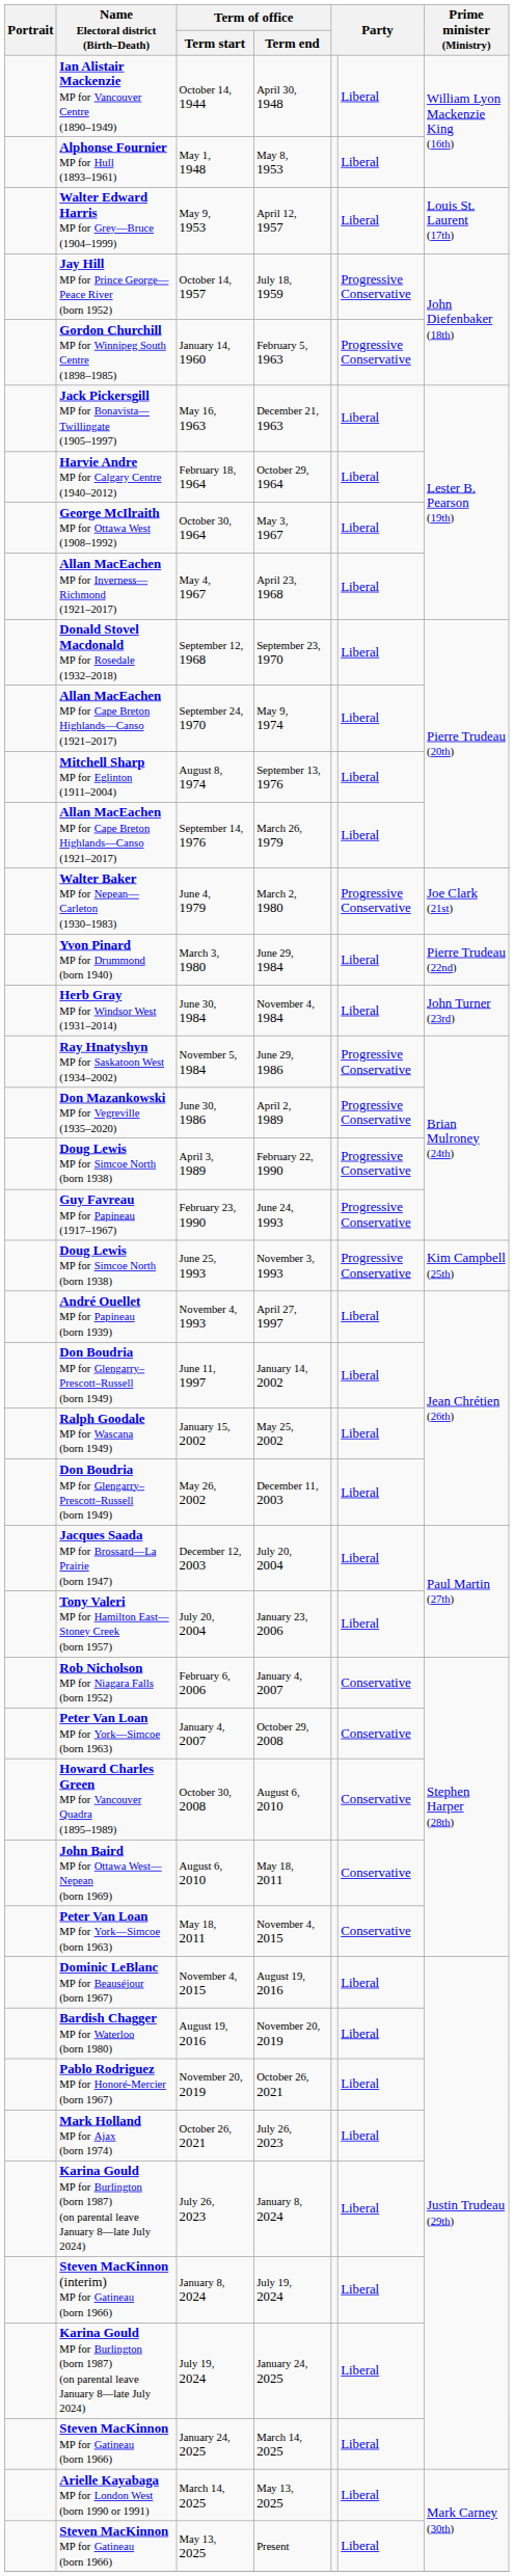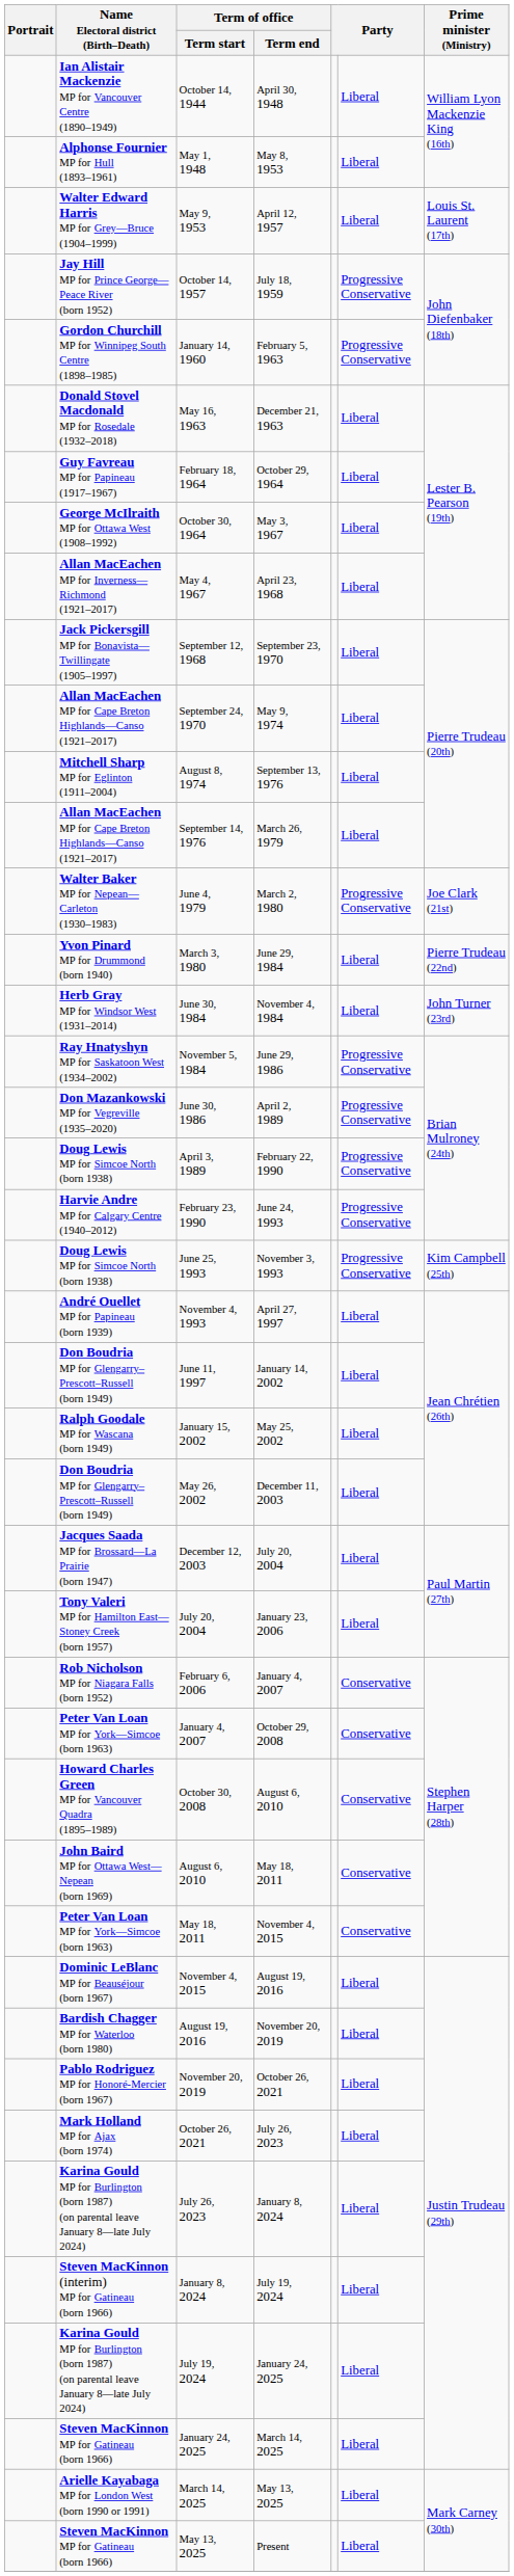 <table class="wikitable sortable sticky-header-multi" style=text-align:center" style="margin:1em auto;">
 <tr>
 <th rowspan="2" scope="col">Portrait</th>
 <th rowspan="2" scope="col" width="150px">Name<br><small>Electoral district<br>(Birth–Death)</small></th>
 <th colspan="2" scope="col">Term of office</th>
 <th colspan="2" rowspan="2">Party</th>
 <th rowspan="2" width="100px">Prime minister<small><br>(Ministry)</small></th>
 </tr>
 <tr>
 <th width="95px">Term start</th>
 <th width="95px">Term end</th>
 </tr>
 <tr>
 <td></td>
 <td><strong><a href='#'>Ian Alistair Mackenzie</a></strong><br><small>MP for</small> <small><a href='#'>Vancouver Centre</a></small><br><small>(1890–1949)</small></td>
 <td><small>October 14,</small><br>1944</td>
 <td><small>April 30,</small><br>1948</td>
 <td style="width:1px; background:"></td>
 <td style="width:100px; "><a href='#'>Liberal</a></td>
 <td rowspan="2"><a href='#'>William Lyon Mackenzie King</a><small><br>(<a href='#'>16th</a>)</small></td>
 </tr>
 <tr style="height:61px">
 <td rowspan="2"></td>
 <td rowspan="2"><strong><a href='#'>Alphonse Fournier</a></strong><br><small>MP for</small> <small><a href='#'>Hull</a></small><br><small>(1893–1961)</small></td>
 <td rowspan="2"><small>May 1,</small><br>1948</td>
 <td rowspan="2"><small>May 8,</small><br>1953</td>
 <td rowspan="2" style="width:1px; background:"></td>
 <td rowspan="2"><a href='#'>Liberal</a></td>
 </tr>
 <tr>
 <td rowspan="2"><a href='#'>Louis St. Laurent</a><small><br>(<a href='#'>17th</a>)</small></td>
 </tr>
 <tr>
 <td></td>
 <td><strong><a href='#'>Walter Edward Harris</a></strong><br><small>MP for</small> <small><a href='#'>Grey—Bruce</a></small><br><small>(1904–1999)</small></td>
 <td><small>May 9,</small><br>1953</td>
 <td><small>April 12,</small><br>1957</td>
 <td style="width:1px; background:"></td>
 <td><a href='#'>Liberal</a></td>
 </tr>
 <tr>
 <td></td>
 <td><a href='#'><strong>Jay Hill</strong></a><br><small>MP for</small> <small><a href='#'>Prince George—Peace River</a></small><br><small>(born 1952)</small></td>
 <td><small>October 14,</small><br>1957</td>
 <td><small>July 18,</small><br>1959</td>
 <td style="width:1px; background:"></td>
 <td><a href='#'>Progressive Conservative</a></td>
 <td rowspan="2"><a href='#'>John Diefenbaker</a><small><br>(<a href='#'>18th</a>)</small></td>
 </tr>
 <tr>
 <td></td>
 <td><strong><a href='#'>Gordon Churchill</a></strong><br><small>MP for</small> <small><a href='#'>Winnipeg South Centre</a></small><br><small>(1898–1985)</small></td>
 <td><small>January 14,</small><br>1960</td>
 <td><small>February 5,</small><br>1963</td>
 <td style="width:1px; background:"></td>
 <td><a href='#'>Progressive Conservative</a></td>
 </tr>
 <tr>
 <td></td>
-<td><strong><a href='#'>Jack Pickersgill</a></strong><br><small>MP for</small> <small><a href='#'>Bonavista—Twillingate</a></small><br><small>(1905–1997)</small></td>
+<td><strong><a href='#'>Donald Stovel Macdonald</a></strong><br><small>MP for</small> <small><a href='#'>Rosedale</a></small><br><small>(1932–2018)</small></td>
 <td><small>May 16,</small><br>1963</td>
 <td><small>December 21,</small><br>1963</td>
 <td style="width:1px; background:"></td>
 <td><a href='#'>Liberal</a></td>
 <td rowspan="4"><a href='#'>Lester B. Pearson</a><small><br>(<a href='#'>19th</a>)</small></td>
 </tr>
 <tr>
 <td></td>
-<td><strong><a href='#'>Harvie Andre</a></strong><br><small>MP for</small> <small><a href='#'>Calgary Centre</a></small><br><small>(1940–2012)</small></td>
+<td><strong><a href='#'>Guy Favreau</a></strong><br><small>MP for</small> <small><a href='#'>Papineau</a></small><br><small>(1917–1967)</small></td>
 <td><small>February 18,</small><br>1964</td>
 <td><small>October 29,</small><br>1964</td>
 <td style="width:1px; background:"></td>
 <td><a href='#'>Liberal</a></td>
 </tr>
 <tr>
 <td></td>
 <td><strong><a href='#'>George McIlraith</a></strong><br><small>MP for</small> <small><a href='#'>Ottawa West</a></small><br><small>(1908–1992)</small></td>
 <td><small>October 30,</small><br>1964</td>
 <td><small>May 3,</small><br>1967</td>
 <td style="width:1px; background:"></td>
 <td><a href='#'>Liberal</a></td>
 </tr>
 <tr>
 <td></td>
 <td><strong><a href='#'>Allan MacEachen</a></strong><br><small>MP for</small> <small><a href='#'>Inverness—Richmond</a></small><br><small>(1921–2017)</small></td>
 <td><small>May 4,</small><br>1967</td>
 <td><small>April 23,</small><br>1968</td>
 <td style="width:1px; background:"></td>
 <td><a href='#'>Liberal</a></td>
 </tr>
 <tr>
 <td></td>
-<td><strong><a href='#'>Donald Stovel Macdonald</a></strong><br><small>MP for</small> <small><a href='#'>Rosedale</a></small><br><small>(1932–2018)</small></td>
+<td><strong><a href='#'>Jack Pickersgill</a></strong><br><small>MP for</small> <small><a href='#'>Bonavista—Twillingate</a></small><br><small>(1905–1997)</small></td>
 <td><small>September 12,</small><br>1968</td>
 <td><small>September 23,</small><br>1970</td>
 <td style="width:1px; background:"></td>
 <td><a href='#'>Liberal</a></td>
 <td rowspan="4"><a href='#'>Pierre Trudeau</a><small><br>(<a href='#'>20th</a>)</small></td>
 </tr>
 <tr>
 <td></td>
 <td><strong><a href='#'>Allan MacEachen</a></strong><br><small>MP for</small> <small><a href='#'>Cape Breton Highlands—Canso</a></small><br><small>(1921–2017)</small></td>
 <td><small>September 24,</small><br>1970</td>
 <td><small>May 9,</small><br>1974</td>
 <td style="width:1px; background:"></td>
 <td><a href='#'>Liberal</a></td>
 </tr>
 <tr>
 <td></td>
 <td><strong><a href='#'>Mitchell Sharp</a></strong><br><small>MP for</small> <small><a href='#'>Eglinton</a></small><br><small>(1911–2004)</small></td>
 <td><small>August 8,</small><br>1974</td>
 <td><small>September 13,</small><br>1976</td>
 <td style="width:1px; background:"></td>
 <td><a href='#'>Liberal</a></td>
 </tr>
 <tr>
 <td></td>
 <td><strong><a href='#'>Allan MacEachen</a></strong><br><small>MP for</small> <small><a href='#'>Cape Breton Highlands—Canso</a></small><br><small>(1921–2017)</small></td>
 <td><small>September 14,</small><br>1976</td>
 <td><small>March 26,</small><br>1979</td>
 <td style="width:1px; background:"></td>
 <td><a href='#'>Liberal</a></td>
 </tr>
 <tr>
 <td></td>
 <td><a href='#'><strong>Walter Baker</strong></a><br><small>MP for</small> <small><a href='#'>Nepean—Carleton</a></small><br><small>(1930–1983)</small></td>
 <td><small>June 4,</small><br>1979</td>
 <td><small>March 2,</small><br>1980</td>
 <td style="width:1px; background:"></td>
 <td><a href='#'>Progressive Conservative</a></td>
 <td><a href='#'>Joe Clark</a><small><br>(<a href='#'>21st</a>)</small></td>
 </tr>
 <tr>
 <td></td>
 <td><strong><a href='#'>Yvon Pinard</a></strong><br><small>MP for</small> <small><a href='#'>Drummond</a></small><br><small>(born 1940)</small></td>
 <td><small>March 3,</small><br>1980</td>
 <td><small>June 29,</small><br>1984</td>
 <td style="width:1px; background:"></td>
 <td><a href='#'>Liberal</a></td>
 <td><a href='#'>Pierre Trudeau</a><small><br>(<a href='#'>22nd</a>)</small></td>
 </tr>
 <tr>
 <td></td>
 <td><strong><a href='#'>Herb Gray</a></strong><br><small>MP for</small> <small><a href='#'>Windsor West</a></small><br><small>(1931–2014)</small></td>
 <td><small>June 30,</small><br>1984</td>
 <td><small>November 4,</small><br>1984</td>
 <td style="width:1px; background:"></td>
 <td><a href='#'>Liberal</a></td>
 <td><a href='#'>John Turner</a><small><br>(<a href='#'>23rd</a>)</small></td>
 </tr>
 <tr>
 <td></td>
 <td><strong><a href='#'>Ray Hnatyshyn</a></strong><br><small>MP for</small> <small><a href='#'>Saskatoon West</a></small><br><small>(1934–2002)</small></td>
 <td><small>November 5,</small><br>1984</td>
 <td><small>June 29,</small><br>1986</td>
 <td style="width:1px; background:"></td>
 <td><a href='#'>Progressive Conservative</a></td>
 <td rowspan="4"><a href='#'>Brian Mulroney</a><small><br>(<a href='#'>24th</a>)</small></td>
 </tr>
 <tr>
 <td></td>
 <td><strong><a href='#'>Don Mazankowski</a></strong><br><small>MP for</small> <small><a href='#'>Vegreville</a></small><br><small>(1935–2020)</small></td>
 <td><small>June 30,</small><br>1986</td>
 <td><small>April 2,</small><br>1989</td>
 <td style="width:1px; background:"></td>
 <td><a href='#'>Progressive Conservative</a></td>
 </tr>
 <tr>
 <td></td>
 <td><a href='#'><strong>Doug Lewis</strong></a><br><small>MP for</small> <small><a href='#'>Simcoe North</a></small><br><small>(born 1938)</small></td>
 <td><small>April 3,</small><br>1989</td>
 <td><small>February 22,</small><br>1990</td>
 <td style="width:1px; background:"></td>
 <td><a href='#'>Progressive Conservative</a></td>
 </tr>
 <tr>
 <td></td>
-<td><strong><a href='#'>Guy Favreau</a></strong><br><small>MP for</small> <small><a href='#'>Papineau</a></small><br><small>(1917–1967)</small></td>
+<td><strong><a href='#'>Harvie Andre</a></strong><br><small>MP for</small> <small><a href='#'>Calgary Centre</a></small><br><small>(1940–2012)</small></td>
 <td><small>February 23,</small><br>1990</td>
 <td><small>June 24,</small><br>1993</td>
 <td style="width:1px; background:"></td>
 <td><a href='#'>Progressive Conservative</a></td>
 </tr>
 <tr>
 <td></td>
 <td><a href='#'><strong>Doug Lewis</strong></a><br><small>MP for</small> <small><a href='#'>Simcoe North</a></small><br><small>(born 1938)</small></td>
 <td><small>June 25,</small><br>1993</td>
 <td><small>November 3,</small><br>1993</td>
 <td style="width:1px; background:"></td>
 <td><a href='#'>Progressive Conservative</a></td>
 <td><a href='#'>Kim Campbell</a><small><br>(<a href='#'>25th</a>)</small></td>
 </tr>
 <tr>
 <td></td>
 <td><strong><a href='#'>André Ouellet</a></strong><br><small>MP for</small> <small><a href='#'>Papineau</a></small><br><small>(born 1939)</small></td>
 <td><small>November 4,</small><br>1993</td>
 <td><small>April 27,</small><br>1997</td>
 <td style="width:1px; background:"></td>
 <td><a href='#'>Liberal</a></td>
 <td rowspan="4"><a href='#'>Jean Chrétien</a><small><br>(<a href='#'>26th</a>)</small></td>
 </tr>
 <tr>
 <td></td>
 <td><strong><a href='#'>Don Boudria</a></strong><br><small>MP for</small> <small><a href='#'>Glengarry–Prescott–Russell</a></small><br><small>(born 1949)</small></td>
 <td><small>June 11,</small><br>1997</td>
 <td><small>January 14,</small><br>2002</td>
 <td style="width:1px; background:"></td>
 <td><a href='#'>Liberal</a></td>
 </tr>
 <tr>
 <td></td>
 <td><strong><a href='#'>Ralph Goodale</a></strong><br><small>MP for</small> <small><a href='#'>Wascana</a></small><br><small>(born 1949)</small></td>
 <td><small>January 15,</small><br>2002</td>
 <td><small>May 25,</small><br>2002</td>
 <td style="width:1px; background:"></td>
 <td><a href='#'>Liberal</a></td>
 </tr>
 <tr>
 <td></td>
 <td><strong><a href='#'>Don Boudria</a></strong><br><small>MP for</small> <small><a href='#'>Glengarry–Prescott–Russell</a></small><br><small>(born 1949)</small></td>
 <td><small>May 26,</small><br>2002</td>
 <td><small>December 11,</small><br>2003</td>
 <td style="width:1px; background:"></td>
 <td><a href='#'>Liberal</a></td>
 </tr>
 <tr>
 <td></td>
 <td><strong><a href='#'>Jacques Saada</a></strong><br><small>MP for</small> <small><a href='#'>Brossard—La Prairie</a></small><br><small>(born 1947)</small></td>
 <td><small>December 12,</small><br>2003</td>
 <td><small>July 20,</small><br>2004</td>
 <td style="width:1px; background:"></td>
 <td><a href='#'>Liberal</a></td>
 <td rowspan="2"><a href='#'>Paul Martin</a><small><br>(<a href='#'>27th</a>)</small></td>
 </tr>
 <tr>
 <td></td>
 <td><strong><a href='#'>Tony Valeri</a></strong><br><small>MP for</small> <small><a href='#'>Hamilton East—Stoney Creek</a></small><br><small>(born 1957)</small></td>
 <td><small>July 20,</small><br>2004</td>
 <td><small>January 23,</small><br>2006</td>
 <td style="width:1px; background:"></td>
 <td><a href='#'>Liberal</a></td>
 </tr>
 <tr>
 <td></td>
 <td><strong><a href='#'>Rob Nicholson</a></strong><br><small>MP for</small> <small><a href='#'>Niagara Falls</a></small><br><small>(born 1952)</small></td>
 <td><small>February 6,</small><br>2006</td>
 <td><small>January 4,</small><br>2007</td>
 <td style="width:1px; background:"></td>
 <td><a href='#'>Conservative</a></td>
 <td rowspan="5"><a href='#'>Stephen Harper</a><small><br>(<a href='#'>28th</a>)</small></td>
 </tr>
 <tr>
 <td></td>
 <td><strong><a href='#'>Peter Van Loan</a></strong><br><small>MP for</small> <small><a href='#'>York—Simcoe</a></small><br><small>(born 1963)</small></td>
 <td><small>January 4,</small><br>2007</td>
 <td><small>October 29,</small><br>2008</td>
 <td style="width:1px; background:"></td>
 <td><a href='#'>Conservative</a></td>
 </tr>
 <tr>
 <td></td>
 <td><strong><a href='#'>Howard Charles Green</a></strong><br><small>MP for</small> <small><a href='#'>Vancouver Quadra</a></small><br><small>(1895–1989)</small></td>
 <td><small>October 30,</small><br>2008</td>
 <td><small>August 6,</small><br>2010</td>
 <td style="width:1px; background:"></td>
 <td><a href='#'>Conservative</a></td>
 </tr>
 <tr>
 <td></td>
 <td><a href='#'><strong>John Baird</strong></a><br><small>MP for</small> <small><a href='#'>Ottawa West—Nepean</a></small><br><small>(born 1969)</small></td>
 <td><small>August 6,</small><br>2010</td>
 <td><small>May 18,</small><br>2011</td>
 <td style="width:1px; background:"></td>
 <td><a href='#'>Conservative</a></td>
 </tr>
 <tr>
 <td></td>
 <td><strong><a href='#'>Peter Van Loan</a></strong><br><small>MP for</small> <small><a href='#'>York—Simcoe</a></small><br><small>(born 1963)</small></td>
 <td><small>May 18,</small><br>2011</td>
 <td><small>November 4,</small><br>2015</td>
 <td style="width:1px; background:"></td>
 <td><a href='#'>Conservative</a></td>
 </tr>
 <tr>
 <td></td>
 <td><strong><a href='#'>Dominic LeBlanc</a></strong><br><small>MP for</small> <small><a href='#'>Beauséjour</a></small><br><small>(born 1967)</small></td>
 <td><small>November 4,</small><br>2015</td>
 <td><small>August 19,</small><br>2016</td>
 <td style="width:1px; background:"></td>
 <td><a href='#'>Liberal</a></td>
 <td rowspan="8"><a href='#'>Justin Trudeau</a><small><br>(<a href='#'>29th</a>)</small></td>
 </tr>
 <tr>
 <td></td>
 <td><strong><a href='#'>Bardish Chagger</a></strong><br><small>MP for</small> <small><a href='#'>Waterloo</a></small><br><small>(born 1980)</small></td>
 <td><small>August 19,</small><br>2016</td>
 <td><small>November 20,</small><br>2019</td>
 <td style="width:1px; background:"></td>
 <td><a href='#'>Liberal</a></td>
 </tr>
 <tr>
 <td></td>
 <td><a href='#'><strong>Pablo Rodriguez</strong></a><br><small>MP for</small> <small><a href='#'>Honoré-Mercier</a></small><br><small>(born 1967)</small></td>
 <td><small>November 20,</small><br>2019</td>
 <td><small>October 26,</small><br>2021</td>
 <td style="width:1px; background:"></td>
 <td><a href='#'>Liberal</a></td>
 </tr>
 <tr>
 <td></td>
 <td><strong><a href='#'>Mark Holland</a></strong><br><small>MP for</small> <small><a href='#'>Ajax</a></small><br><small>(born 1974)</small></td>
 <td><small>October 26,</small><br>2021</td>
 <td><small>July 26,</small><br>2023</td>
 <td style="width:1px; background:"></td>
 <td><a href='#'>Liberal</a></td>
 </tr>
 <tr>
 <td></td>
 <td><strong><a href='#'>Karina Gould</a></strong><br><small>MP for</small> <small><a href='#'>Burlington</a></small><br><small>(born 1987)<br>(on parental leave January 8—late July 2024)</small></td>
 <td><small>July 26,</small><br>2023</td>
 <td><small>January 8,</small><br>2024</td>
 <td style="width:1px; background:"></td>
 <td><a href='#'>Liberal</a></td>
 </tr>
 <tr>
 <td></td>
 <td><strong><a href='#'>Steven MacKinnon</a></strong> (interim)<br><small>MP for</small> <small> <a href='#'>Gatineau</a></small><br><small>(born 1966)</small></td>
 <td><small>January 8,</small><br>2024</td>
 <td><small>July 19,</small><br>2024</td>
 <td style="width:1px; background:"></td>
 <td><a href='#'>Liberal</a></td>
 </tr>
 <tr>
 <td></td>
 <td><strong><a href='#'>Karina Gould</a></strong><br><small>MP for</small> <small><a href='#'>Burlington</a></small><br><small>(born 1987)<br>(on parental leave January 8—late July 2024)</small></td>
 <td><small>July 19,</small><br>2024</td>
 <td><small> January 24,</small><br>2025</td>
 <td style="width:1px; background:"></td>
 <td><a href='#'>Liberal</a></td>
 </tr>
 <tr>
 <td></td>
 <td><strong><a href='#'>Steven MacKinnon</a></strong><br><small>MP for</small> <small> <a href='#'>Gatineau</a></small><br><small>(born 1966)</small></td>
 <td><small>January 24,</small><br>2025</td>
 <td><small>March 14,</small><br>2025</td>
 <td style="width:1px; background:"></td>
 <td><a href='#'>Liberal</a></td>
 </tr>
 <tr>
 <td></td>
 <td><strong><a href='#'>Arielle Kayabaga</a></strong><br><small>MP for</small> <small> <a href='#'>London West</a></small><br><small>(born 1990 or 1991)</small></td>
 <td><small>March 14,</small><br>2025</td>
 <td><small> May 13,</small><br>2025</td>
 <td style="width:1px; background:"></td>
 <td><a href='#'>Liberal</a></td>
 <td rowspan="2"><a href='#'>Mark Carney</a><small><br>(<a href='#'>30th</a>)</small></td>
 </tr>
 <tr>
 <td></td>
 <td><strong><a href='#'>Steven MacKinnon</a></strong><br><small>MP for</small> <small> <a href='#'>Gatineau</a></small><br><small>(born 1966)</small></td>
 <td><small>May 13,</small><br>2025</td>
 <td><small>Present</small></td>
 <td style="width:1px; background:"></td>
 <td><a href='#'>Liberal</a></td>
 </tr>
 <tr>
 </tr>
 </table>
